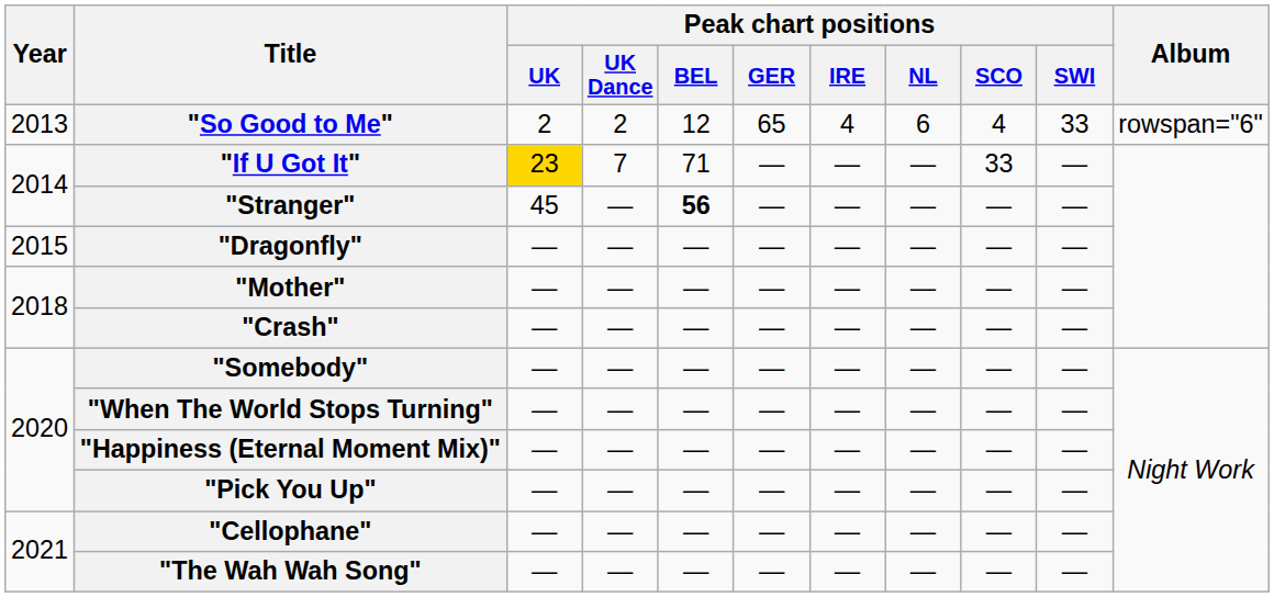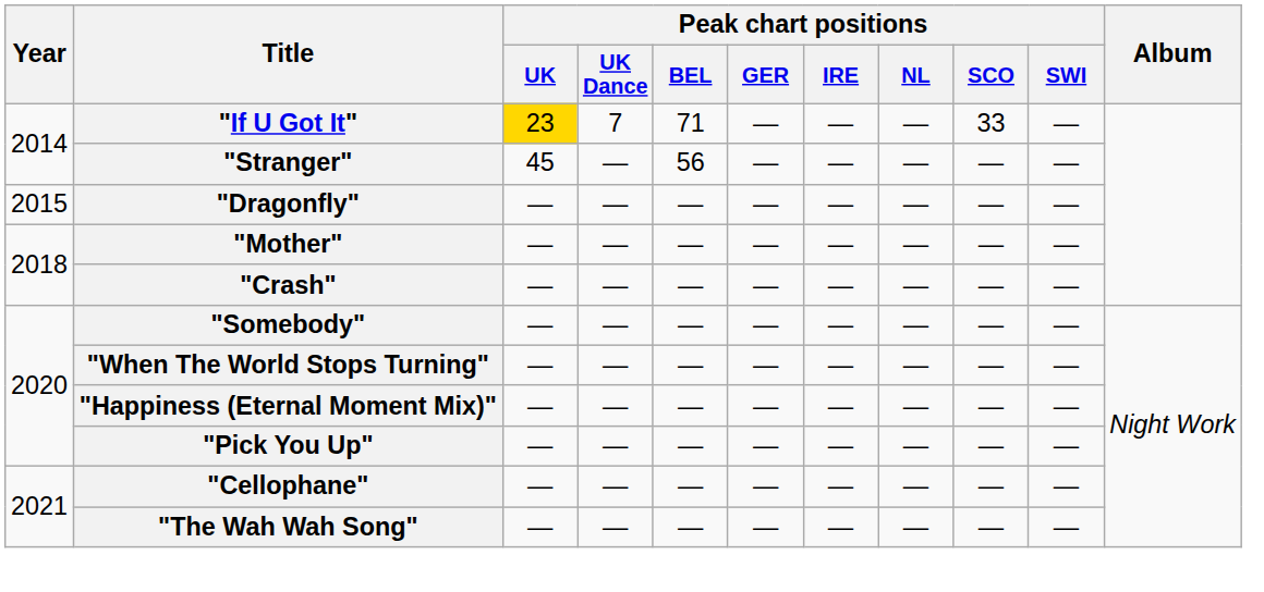 <table class="wikitable plainrowheaders" style="text-align:center;">
 <tr>
 <th scope="col" rowspan="2">Year</th>
 <th scope="col" rowspan="2">Title</th>
 <th scope="col" colspan="8">Peak chart positions</th>
 <th scope="col" rowspan="2">Album</th>
 </tr>
 <tr>
 <th scope="col" style="width:3em;font-size:85%;"><a href='#'>UK</a><br></th>
 <th scope="col" style="width:3em;font-size:85%;"><a href='#'>UK Dance</a><br></th>
 <th scope="col" style="width:3em;font-size:85%;"><a href='#'>BEL</a><br></th>
 <th scope="col" style="width:3em;font-size:85%;"><a href='#'>GER</a><br></th>
 <th scope="col" style="width:3em;font-size:85%;"><a href='#'>IRE</a><br></th>
 <th scope="col" style="width:3em;font-size:85%;"><a href='#'>NL</a><br></th>
 <th scope="col" style="width:3em;font-size:85%;"><a href='#'>SCO</a><br></th>
 <th scope="col" style="width:3em;font-size:85%;"><a href='#'>SWI</a><br></th>
 </tr>
 <tr>
-<td>2013</td>
-<th scope="row">"<a href='#'>So Good to Me</a>"</th>
-<td>2</td>
-<td>2</td>
-<td>12</td>
-<td>65</td>
-<td>4</td>
-<td>6</td>
-<td>4</td>
-<td>33</td>
-<td>rowspan="6" </td>
-</tr>
-<tr>
 <td rowspan="2">2014</td>
 <th scope="row">"<a href='#'>If U Got It</a>"</th>
 <td style="background: gold;">23</td>
 <td>7</td>
 <td>71</td>
 <td>—</td>
 <td>—</td>
 <td>—</td>
 <td>33</td>
 <td>—</td>
 </tr>
 <tr>
 <th scope="row">"Stranger"<br></th>
 <td>45</td>
 <td>—</td>
-<td><strong>56</strong></td>
+<td>56</td>
 <td>—</td>
 <td>—</td>
 <td>—</td>
 <td>—</td>
 <td>—</td>
 </tr>
 <tr>
 <td rowspan="1">2015</td>
 <th scope="row">"Dragonfly"<br></th>
 <td>—</td>
 <td>—</td>
 <td>—</td>
 <td>—</td>
 <td>—</td>
 <td>—</td>
 <td>—</td>
 <td>—</td>
 </tr>
 <tr>
 <td rowspan="2">2018</td>
 <th scope="row">"Mother"<br></th>
 <td>—</td>
 <td>—</td>
 <td>—</td>
 <td>—</td>
 <td>—</td>
 <td>—</td>
 <td>—</td>
 <td>—</td>
 </tr>
 <tr>
 <th scope="row">"Crash"</th>
 <td>—</td>
 <td>—</td>
 <td>—</td>
 <td>—</td>
 <td>—</td>
 <td>—</td>
 <td>—</td>
 <td>—</td>
 </tr>
 <tr>
 <td rowspan="4">2020</td>
 <th scope="row">"Somebody"</th>
 <td>—</td>
 <td>—</td>
 <td>—</td>
 <td>—</td>
 <td>—</td>
 <td>—</td>
 <td>—</td>
 <td>—</td>
 <td rowspan="6"><em>Night Work</em></td>
 </tr>
 <tr>
 <th scope="row">"When The World Stops Turning"</th>
 <td>—</td>
 <td>—</td>
 <td>—</td>
 <td>—</td>
 <td>—</td>
 <td>—</td>
 <td>—</td>
 <td>—</td>
 </tr>
 <tr>
 <th scope="row">"Happiness (Eternal Moment Mix)"</th>
 <td>—</td>
 <td>—</td>
 <td>—</td>
 <td>—</td>
 <td>—</td>
 <td>—</td>
 <td>—</td>
 <td>—</td>
 </tr>
 <tr>
 <th scope="row">"Pick You Up"</th>
 <td>—</td>
 <td>—</td>
 <td>—</td>
 <td>—</td>
 <td>—</td>
 <td>—</td>
 <td>—</td>
 <td>—</td>
 </tr>
 <tr>
 <td rowspan="2">2021</td>
 <th scope="row">"Cellophane"</th>
 <td>—</td>
 <td>—</td>
 <td>—</td>
 <td>—</td>
 <td>—</td>
 <td>—</td>
 <td>—</td>
 <td>—</td>
 </tr>
 <tr>
 <th scope="row">"The Wah Wah Song"</th>
 <td>—</td>
 <td>—</td>
 <td>—</td>
 <td>—</td>
 <td>—</td>
 <td>—</td>
 <td>—</td>
 <td>—</td>
 </tr>
 </table>
